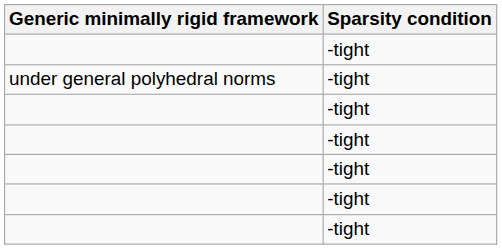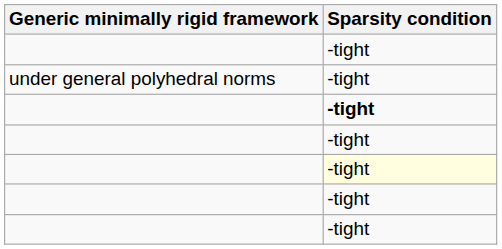 <table class="wikitable">
 <tr>
 <th>Generic minimally rigid framework</th>
 <th>Sparsity condition</th>
 </tr>
 <tr>
 <td></td>
 <td>-tight</td>
 </tr>
 <tr>
 <td> under general polyhedral norms</td>
 <td>-tight</td>
 </tr>
 <tr>
 <td></td>
-<td>-tight</td>
+<td><strong>-tight</strong></td>
 </tr>
 <tr>
 <td></td>
 <td>-tight</td>
 </tr>
 <tr>
 <td></td>
-<td>-tight</td>
+<td style="background: lightyellow;">-tight</td>
 </tr>
 <tr>
 <td></td>
 <td>-tight</td>
 </tr>
 <tr>
 <td></td>
 <td>-tight</td>
 </tr>
 </table>
